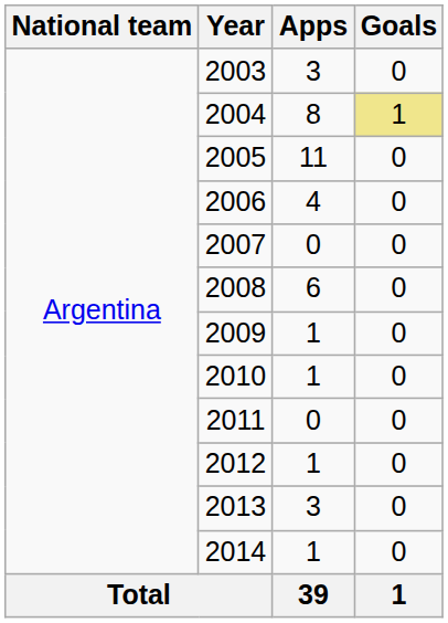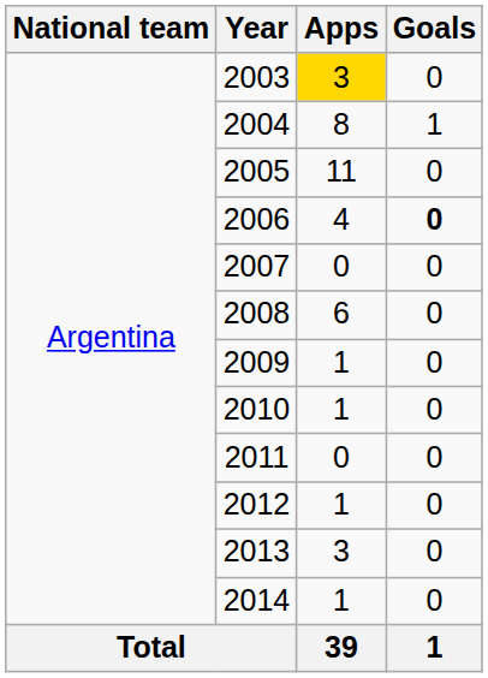 <table class="wikitable" style="text-align:center">
 <tr>
 <th>National team</th>
 <th>Year</th>
 <th>Apps</th>
 <th>Goals</th>
 </tr>
 <tr>
 <td rowspan="12"><a href='#'>Argentina</a></td>
 <td>2003</td>
-<td>3</td>
+<td style="background: gold;">3</td>
 <td>0</td>
 </tr>
 <tr>
 <td>2004</td>
 <td>8</td>
-<td style="background: khaki;">1</td>
+<td>1</td>
 </tr>
 <tr>
 <td>2005</td>
 <td>11</td>
 <td>0</td>
 </tr>
 <tr>
 <td>2006</td>
 <td>4</td>
-<td>0</td>
+<td><strong>0</strong></td>
 </tr>
 <tr>
 <td>2007</td>
 <td>0</td>
 <td>0</td>
 </tr>
 <tr>
 <td>2008</td>
 <td>6</td>
 <td>0</td>
 </tr>
 <tr>
 <td>2009</td>
 <td>1</td>
 <td>0</td>
 </tr>
 <tr>
 <td>2010</td>
 <td>1</td>
 <td>0</td>
 </tr>
 <tr>
 <td>2011</td>
 <td>0</td>
 <td>0</td>
 </tr>
 <tr>
 <td>2012</td>
 <td>1</td>
 <td>0</td>
 </tr>
 <tr>
 <td>2013</td>
 <td>3</td>
 <td>0</td>
 </tr>
 <tr>
 <td>2014</td>
 <td>1</td>
 <td>0</td>
 </tr>
 <tr>
 <th colspan="2">Total</th>
 <th>39</th>
 <th>1</th>
 </tr>
 </table>
